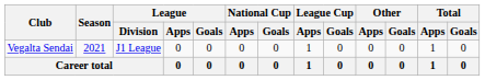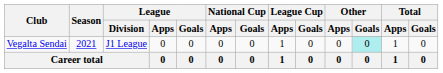 <table class="wikitable" style="text-align: center">
 <tr>
 <th rowspan="2">Club</th>
 <th rowspan="2">Season</th>
 <th colspan="3">League</th>
 <th colspan="2">National Cup</th>
 <th colspan="2">League Cup</th>
 <th colspan="2">Other</th>
 <th colspan="2">Total</th>
 </tr>
 <tr>
 <th>Division</th>
 <th>Apps</th>
 <th>Goals</th>
 <th>Apps</th>
 <th>Goals</th>
 <th>Apps</th>
 <th>Goals</th>
 <th>Apps</th>
 <th>Goals</th>
 <th>Apps</th>
 <th>Goals</th>
 </tr>
 <tr>
 <td><a href='#'>Vegalta Sendai</a></td>
 <td><a href='#'>2021</a></td>
 <td><a href='#'>J1 League</a></td>
 <td>0</td>
 <td>0</td>
 <td>0</td>
 <td>0</td>
 <td>1</td>
 <td>0</td>
 <td>0</td>
-<td>0</td>
+<td style="background: paleturquoise;">0</td>
 <td>1</td>
 <td>0</td>
 </tr>
 <tr>
 <th colspan=3>Career total</th>
 <th>0</th>
 <th>0</th>
 <th>0</th>
 <th>0</th>
 <th>1</th>
 <th>0</th>
 <th>0</th>
 <th>0</th>
 <th>1</th>
 <th>0</th>
 </tr>
 </table>
